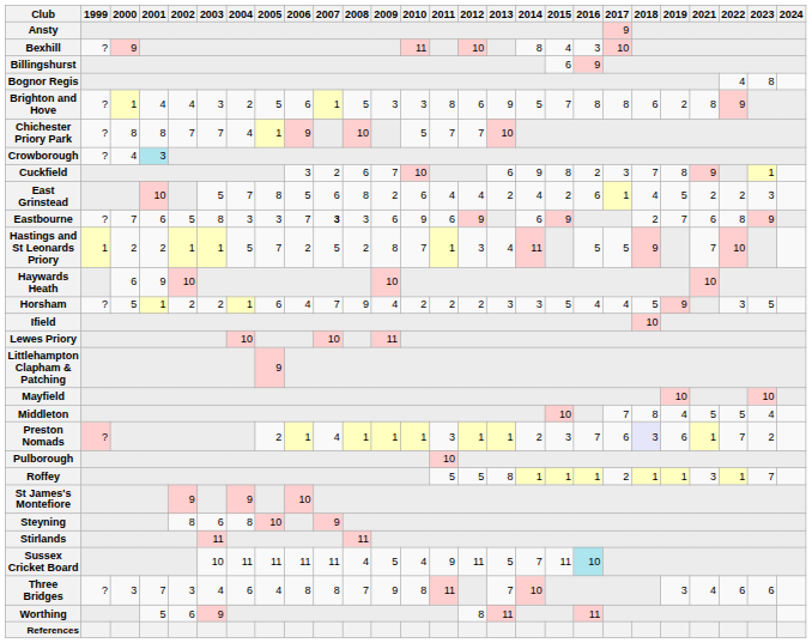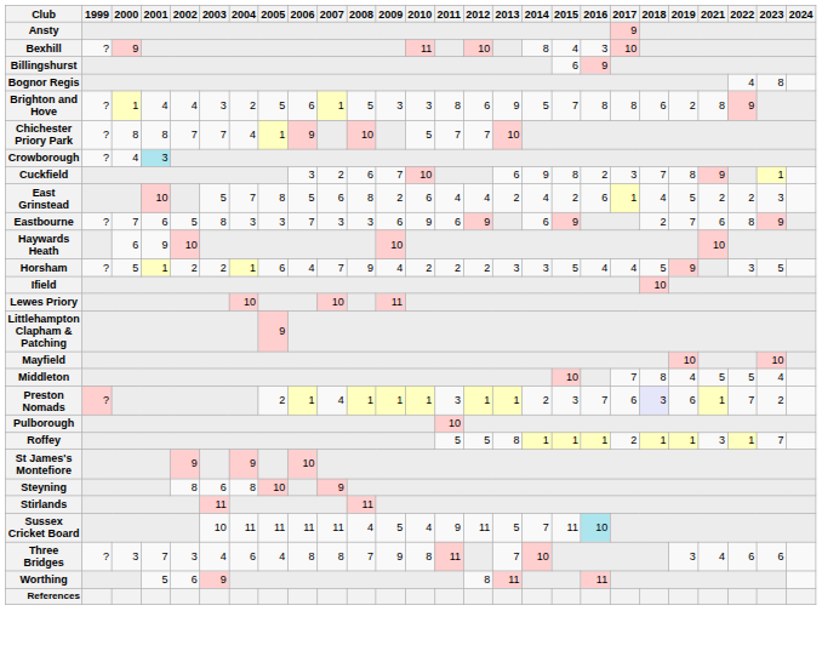 <table class="wikitable plainrowheaders" style="font-size:85%; text-align: right;">
 <tr>
 <th scope="col">Club</th>
 <th scope="col">1999</th>
 <th scope="col">2000</th>
 <th scope="col">2001</th>
 <th scope="col">2002</th>
 <th scope="col">2003</th>
 <th scope="col">2004</th>
 <th scope="col">2005</th>
 <th scope="col">2006</th>
 <th scope="col">2007</th>
 <th scope="col">2008</th>
 <th scope="col">2009</th>
 <th scope="col">2010</th>
 <th scope="col">2011</th>
 <th scope="col">2012</th>
 <th scope="col">2013</th>
 <th scope="col">2014</th>
 <th scope="col">2015</th>
 <th scope="col">2016</th>
 <th scope="col">2017</th>
 <th scope="col">2018</th>
 <th scope="col">2019</th>
 <th scope="col">2021</th>
 <th scope="col">2022</th>
 <th scope="col">2023</th>
 <th scope="col">2024</th>
 </tr>
 <tr>
 <th scope="row">Ansty</th>
 <td bgcolor="#ececec" colspan="18"></td>
 <td bgcolor="#ffcfcf">9</td>
 <td bgcolor="#ececec" colspan="6"></td>
 </tr>
 <tr>
 <th scope="row">Bexhill</th>
 <td>?</td>
 <td bgcolor="#ffcfcf">9</td>
 <td bgcolor="#ececec" colspan="9"></td>
 <td bgcolor="#ffcfcf">11</td>
 <td bgcolor="#ececec"></td>
 <td bgcolor="#ffcfcf">10</td>
 <td bgcolor="#ececec"></td>
 <td>8</td>
 <td>4</td>
 <td>3</td>
 <td bgcolor="#ffcfcf">10</td>
 <td bgcolor="#ececec" colspan="6"></td>
 </tr>
 <tr>
 <th scope="row">Billingshurst</th>
 <td bgcolor="#ececec" colspan="16"></td>
 <td>6</td>
 <td bgcolor="#ffcfcf">9</td>
 <td bgcolor="#ececec" colspan="7"></td>
 </tr>
 <tr>
 <th scope="row">Bognor Regis</th>
 <td bgcolor="#ececec" colspan="22"></td>
 <td>4</td>
 <td>8</td>
 <td></td>
 </tr>
 <tr>
 <th scope="row">Brighton and Hove</th>
 <td style="text-align: right;">?</td>
 <td bgcolor="#ffffbf">1</td>
 <td>4</td>
 <td>4</td>
 <td>3</td>
 <td>2</td>
 <td>5</td>
 <td>6</td>
 <td bgcolor="#ffffbf">1</td>
 <td>5</td>
 <td>3</td>
 <td>3</td>
 <td>8</td>
 <td>6</td>
 <td>9</td>
 <td>5</td>
 <td>7</td>
 <td>8</td>
 <td>8</td>
 <td>6</td>
 <td>2</td>
 <td>8</td>
 <td bgcolor="#ffcfcf">9</td>
 <td bgcolor="#ececec" colspan="2"></td>
 </tr>
 <tr>
 <th scope="row">Chichester Priory Park</th>
 <td>?</td>
 <td>8</td>
 <td>8</td>
 <td>7</td>
 <td>7</td>
 <td>4</td>
 <td bgcolor="#ffffbf">1</td>
 <td bgcolor="#ffcfcf">9</td>
 <td bgcolor="#ececec"></td>
 <td bgcolor="#ffcfcf">10</td>
 <td bgcolor="#ececec"></td>
 <td>5</td>
 <td>7</td>
 <td>7</td>
 <td bgcolor="#ffcfcf">10</td>
 <td bgcolor="#ececec" colspan="10"></td>
 </tr>
 <tr>
 <th scope="row">Crowborough</th>
 <td>?</td>
 <td>4</td>
 <td bgcolor="#ace5ee">3</td>
 <td bgcolor="#ececec" colspan="22"></td>
 </tr>
 <tr>
 <th scope="row">Cuckfield</th>
 <td bgcolor="#ececec" colspan="7"></td>
 <td>3</td>
 <td>2</td>
 <td>6</td>
 <td>7</td>
 <td bgcolor="#ffcfcf">10</td>
 <td bgcolor="#ececec" colspan="2"></td>
 <td>6</td>
 <td>9</td>
 <td>8</td>
 <td>2</td>
 <td>3</td>
 <td>7</td>
 <td>8</td>
 <td bgcolor="#ffcfcf">9</td>
 <td bgcolor="#ececec" colspan="1"></td>
 <td bgcolor="#ffffbf">1</td>
 <td></td>
 </tr>
 <tr>
 <th scope="row">East Grinstead</th>
 <td bgcolor="#ececec" colspan="2"></td>
 <td bgcolor="#ffcfcf">10</td>
 <td bgcolor="#ececec"></td>
 <td>5</td>
 <td>7</td>
 <td>8</td>
 <td>5</td>
 <td>6</td>
 <td>8</td>
 <td>2</td>
 <td>6</td>
 <td>4</td>
 <td>4</td>
 <td>2</td>
 <td>4</td>
 <td>2</td>
 <td>6</td>
 <td bgcolor="#ffffbf">1</td>
 <td>4</td>
 <td>5</td>
 <td>2</td>
 <td>2</td>
 <td>3</td>
 <td></td>
 </tr>
 <tr>
 <th scope="row">Eastbourne</th>
 <td>?</td>
 <td>7</td>
 <td>6</td>
 <td>5</td>
 <td>8</td>
 <td>3</td>
 <td>3</td>
 <td>7</td>
-<td><strong>3</strong></td>
+<td>3</td>
 <td>3</td>
 <td>6</td>
 <td>9</td>
 <td>6</td>
 <td bgcolor="#ffcfcf">9</td>
 <td bgcolor="#ececec"></td>
 <td>6</td>
 <td bgcolor="#ffcfcf">9</td>
 <td bgcolor="#ececec" colspan="2"></td>
 <td>2</td>
 <td>7</td>
 <td>6</td>
 <td>8</td>
 <td bgcolor="#ffcfcf">9</td>
 <td bgcolor="#ececec" colspan="1"></td>
-</tr>
-<tr>
-<th scope="row">Hastings and St Leonards Priory</th>
-<td bgcolor="#ffffbf">1</td>
-<td>2</td>
-<td>2</td>
-<td bgcolor="#ffffbf">1</td>
-<td bgcolor="#ffffbf">1</td>
-<td>5</td>
-<td>7</td>
-<td>2</td>
-<td>5</td>
-<td>2</td>
-<td>8</td>
-<td>7</td>
-<td bgcolor="#ffffbf">1</td>
-<td>3</td>
-<td>4</td>
-<td bgcolor="#ffcfcf">11</td>
-<td bgcolor="#ececec"></td>
-<td>5</td>
-<td>5</td>
-<td bgcolor="#ffcfcf">9</td>
-<td bgcolor="#ececec"></td>
-<td>7</td>
-<td bgcolor="#ffcfcf">10</td>
-<td bgcolor="#ececec"></td>
-<td></td>
 </tr>
 <tr>
 <th scope="row">Haywards Heath</th>
 <td bgcolor="#ececec"></td>
 <td>6</td>
 <td>9</td>
 <td bgcolor="#ffcfcf">10</td>
 <td bgcolor="#ececec" colspan="6"></td>
 <td bgcolor="#ffcfcf">10</td>
 <td bgcolor="#ececec" colspan="10"></td>
 <td bgcolor="#ffcfcf">10</td>
 <td bgcolor="#ececec" colspan="3"></td>
 </tr>
 <tr>
 <th scope="row">Horsham</th>
 <td>?</td>
 <td style="text-align: right;">5</td>
 <td bgcolor="#ffffbf">1</td>
 <td>2</td>
 <td>2</td>
 <td bgcolor="#ffffbf">1</td>
 <td>6</td>
 <td>4</td>
 <td>7</td>
 <td>9</td>
 <td>4</td>
 <td>2</td>
 <td>2</td>
 <td>2</td>
 <td>3</td>
 <td>3</td>
 <td>5</td>
 <td>4</td>
 <td>4</td>
 <td>5</td>
 <td bgcolor="#ffcfcf">9</td>
 <td bgcolor="#ececec" colspan="1"></td>
 <td>3</td>
 <td>5</td>
 <td></td>
 </tr>
 <tr>
 <th scope="row">Ifield</th>
 <td bgcolor="#ececec" colspan="19"></td>
 <td bgcolor="#ffcfcf">10</td>
 <td bgcolor="#ececec" colspan="5"></td>
 </tr>
 <tr>
 <th scope="row">Lewes Priory</th>
 <td bgcolor="#ececec" colspan="5"></td>
 <td bgcolor="#ffcfcf">10</td>
 <td bgcolor="#ececec" colspan="2"></td>
 <td bgcolor="#ffcfcf">10</td>
 <td bgcolor="#ececec"></td>
 <td bgcolor="#ffcfcf">11</td>
 <td bgcolor="#ececec" colspan="14"></td>
 </tr>
 <tr>
 <th scope="row">Littlehampton Clapham & Patching</th>
 <td bgcolor="#ececec" colspan="6"></td>
 <td bgcolor="#ffcfcf">9</td>
 <td bgcolor="#ececec" colspan="18"></td>
 </tr>
 <tr>
 <th scope="row">Mayfield</th>
 <td bgcolor="#ececec" colspan="20"></td>
 <td bgcolor="#ffcfcf">10</td>
 <td bgcolor="#ececec" colspan="2"></td>
 <td bgcolor="#ffcfcf">10</td>
 <td bgcolor="#ececec" colspan="1"></td>
 </tr>
 <tr>
 <th scope="row">Middleton</th>
 <td bgcolor="#ececec" colspan="16"></td>
 <td bgcolor="#ffcfcf">10</td>
 <td bgcolor="#ececec"></td>
 <td>7</td>
 <td>8</td>
 <td>4</td>
 <td>5</td>
 <td>5</td>
 <td>4</td>
 <td></td>
 </tr>
 <tr>
 <th scope="row">Preston Nomads</th>
 <td bgcolor="#ffcfcf">?</td>
 <td bgcolor="#ececec" colspan="5"></td>
 <td>2</td>
 <td bgcolor="#ffffbf">1</td>
 <td>4</td>
 <td bgcolor="#ffffbf">1</td>
 <td bgcolor="#ffffbf">1</td>
 <td bgcolor="#ffffbf">1</td>
 <td>3</td>
 <td bgcolor="#ffffbf">1</td>
 <td bgcolor="#ffffbf">1</td>
 <td>2</td>
 <td>3</td>
 <td>7</td>
 <td>6</td>
 <td style="background: lavender;">3</td>
 <td>6</td>
 <td bgcolor="#ffffbf">1</td>
 <td>7</td>
 <td>2</td>
 <td></td>
 </tr>
 <tr>
 <th scope="row">Pulborough</th>
 <td bgcolor="#ececec" colspan="12"></td>
 <td bgcolor="#ffcfcf">10</td>
 <td bgcolor="#ececec" colspan="12"></td>
 </tr>
 <tr>
 <th scope="row">Roffey</th>
 <td bgcolor="#ececec" colspan="12"></td>
 <td>5</td>
 <td>5</td>
 <td>8</td>
 <td bgcolor="#ffffbf">1</td>
 <td bgcolor="#ffffbf">1</td>
 <td bgcolor="#ffffbf">1</td>
 <td>2</td>
 <td bgcolor="#ffffbf">1</td>
 <td bgcolor="#ffffbf">1</td>
 <td>3</td>
 <td bgcolor="#ffffbf">1</td>
 <td>7</td>
 <td></td>
 </tr>
 <tr>
 <th scope="row">St James's Montefiore</th>
 <td bgcolor="#ececec" colspan="3"></td>
 <td bgcolor="#ffcfcf">9</td>
 <td bgcolor="#ececec"></td>
 <td bgcolor="#ffcfcf">9</td>
 <td bgcolor="#ececec"></td>
 <td bgcolor="#ffcfcf">10</td>
 <td bgcolor="#ececec" colspan="17"></td>
 </tr>
 <tr>
 <th scope="row">Steyning</th>
 <td bgcolor="#ececec" colspan="3"></td>
 <td>8</td>
 <td>6</td>
 <td>8</td>
 <td bgcolor="#ffcfcf">10</td>
 <td bgcolor="#ececec"></td>
 <td bgcolor="#ffcfcf">9</td>
 <td bgcolor="#ececec" colspan="16"></td>
 </tr>
 <tr>
 <th scope="row">Stirlands</th>
 <td bgcolor="#ececec" colspan="4"></td>
 <td bgcolor="#ffcfcf">11</td>
 <td bgcolor="#ececec" colspan="4"></td>
 <td bgcolor="#ffcfcf">11</td>
 <td bgcolor="#ececec" colspan="15"></td>
 </tr>
 <tr>
 <th scope="row">Sussex Cricket Board </th>
 <td bgcolor="#ececec" colspan="4"></td>
 <td>10</td>
 <td>11</td>
 <td>11</td>
 <td>11</td>
 <td>11</td>
 <td>4</td>
 <td>5</td>
 <td>4</td>
 <td>9</td>
 <td>11</td>
 <td>5</td>
 <td>7</td>
 <td>11</td>
 <td bgcolor="#ace5ee">10</td>
 <td bgcolor="#ececec" colspan="7"></td>
 </tr>
 <tr>
 <th scope="row">Three Bridges</th>
 <td>?</td>
 <td>3</td>
 <td>7</td>
 <td>3</td>
 <td>4</td>
 <td>6</td>
 <td>4</td>
 <td>8</td>
 <td>8</td>
 <td>7</td>
 <td>9</td>
 <td>8</td>
 <td bgcolor="#ffcfcf">11</td>
 <td bgcolor="#ececec"></td>
 <td>7</td>
 <td bgcolor="#ffcfcf">10</td>
 <td bgcolor="#ececec" colspan="4"></td>
 <td>3</td>
 <td>4</td>
 <td>6</td>
 <td>6</td>
 <td></td>
 </tr>
 <tr>
 <th scope="row">Worthing</th>
 <td bgcolor="#ececec" colspan="2"></td>
 <td>5</td>
 <td>6</td>
 <td bgcolor="#ffcfcf">9</td>
 <td bgcolor="#ececec" colspan="8"></td>
 <td>8</td>
 <td bgcolor="#ffcfcf">11</td>
 <td bgcolor="#ececec" colspan="2"></td>
 <td bgcolor="#ffcfcf">11</td>
 <td bgcolor="#ececec" colspan="6"></td>
 <td></td>
 </tr>
 <tr style="font-size:90%; text-align:center">
 <th scope="row" style="text-align: right">References</th>
 <th scope="col"></th>
 <th scope="col"></th>
 <th scope="col"></th>
 <th scope="col"></th>
 <th scope="col"></th>
 <th scope="col"></th>
 <th scope="col"></th>
 <th scope="col"></th>
 <th scope="col"></th>
 <th scope="col"></th>
 <th scope="col"></th>
 <th scope="col"></th>
 <th scope="col"></th>
 <th scope="col"></th>
 <th scope="col"></th>
 <th scope="col"></th>
 <th scope="col"></th>
 <th scope="col"></th>
 <th scope="col"></th>
 <th scope="col"></th>
 <th scope="col"></th>
 <th scope="col"></th>
 <th scope="col"></th>
 <th scope="col"></th>
 <th scope="col"></th>
 </tr>
 </table>
